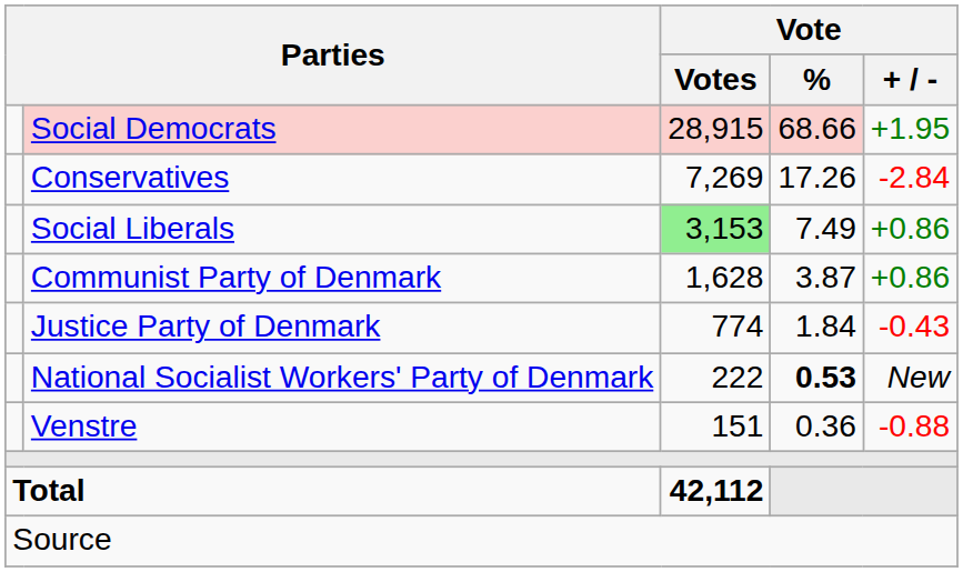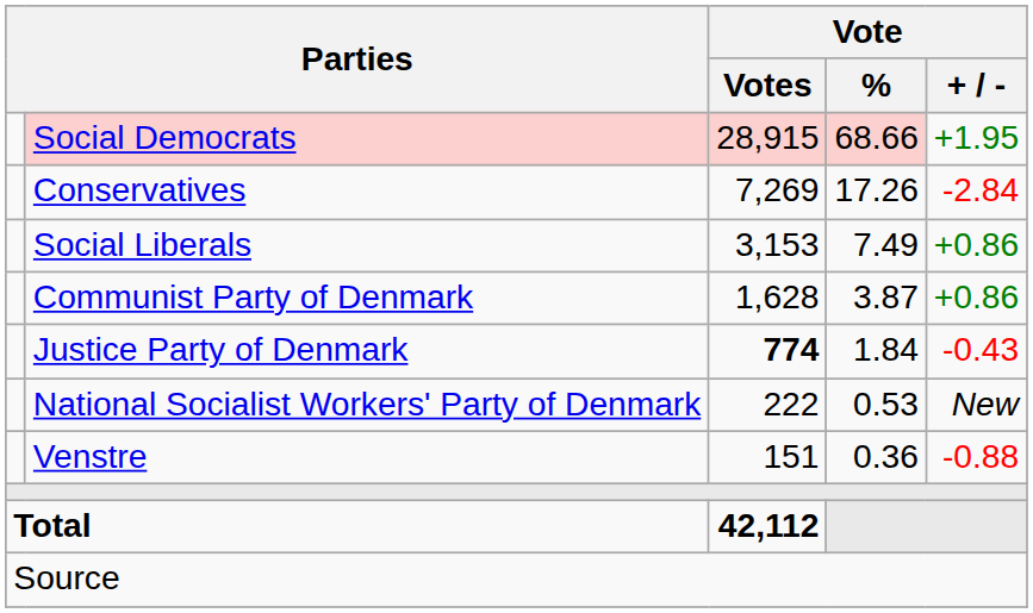 <table class="wikitable" style="text-align:right;">
 <tr>
 <th style="text-align:centre;" rowspan="2" colspan="2" width="225">Parties</th>
 <th colspan="3">Vote</th>
 </tr>
 <tr>
 <th width="15">Votes</th>
 <th width="15">%</th>
 <th width="15">+ / -</th>
 </tr>
 <tr>
 <td width="2" style="color:inherit;background:"></td>
 <td bgcolor=#fbd0ce  align="left"><a href='#'>Social Democrats</a></td>
 <td bgcolor=#fbd0ce>28,915</td>
 <td bgcolor=#fbd0ce>68.66</td>
 <td style=color:green;>+1.95</td>
 </tr>
 <tr>
 <td width="2" style="color:inherit;background:"></td>
 <td align="left"><a href='#'>Conservatives</a></td>
 <td>7,269</td>
 <td>17.26</td>
 <td style=color:red;>-2.84</td>
 </tr>
 <tr>
 <td width="2" style="color:inherit;background:"></td>
 <td align="left"><a href='#'>Social Liberals</a></td>
-<td style="background: lightgreen;">3,153</td>
+<td>3,153</td>
 <td>7.49</td>
 <td style=color:green;>+0.86</td>
 </tr>
 <tr>
 <td width="2" style="color:inherit;background:"></td>
 <td align="left"><a href='#'>Communist Party of Denmark</a></td>
 <td>1,628</td>
 <td>3.87</td>
 <td style=color:green;>+0.86</td>
 </tr>
 <tr>
 <td width="2" style="color:inherit;background:"></td>
 <td align="left"><a href='#'>Justice Party of Denmark</a></td>
-<td>774</td>
+<td><strong>774</strong></td>
 <td>1.84</td>
 <td style=color:red;>-0.43</td>
 </tr>
 <tr>
 <td width="2" style="color:inherit;background:"></td>
 <td align="left"><a href='#'>National Socialist Workers' Party of Denmark</a></td>
 <td>222</td>
-<td><strong>0.53</strong></td>
+<td>0.53</td>
 <td><em>New</em></td>
 </tr>
 <tr>
 <td width="2" style="color:inherit;background:"></td>
 <td align="left"><a href='#'>Venstre</a></td>
 <td>151</td>
 <td>0.36</td>
 <td style=color:red;>-0.88</td>
 </tr>
 <tr>
 <td colspan="7" bgcolor="#E9E9E9"></td>
 </tr>
 <tr>
 <td align="left" colspan="2"><strong>Total</strong></td>
 <td><strong>42,112</strong></td>
 <td bgcolor="#E9E9E9" colspan="2"></td>
 </tr>
 <tr>
 <td align="left" colspan="6">Source</td>
 </tr>
 </table>
